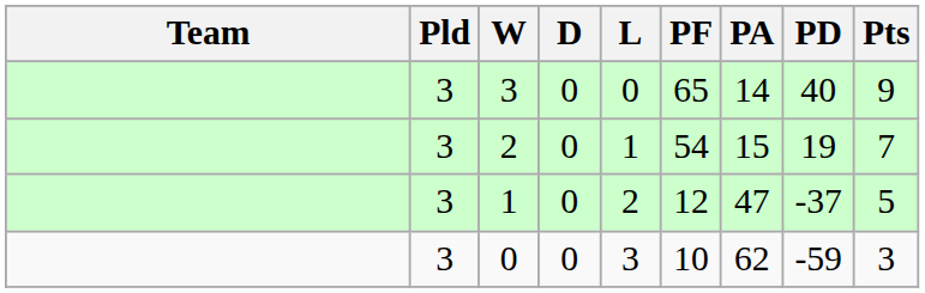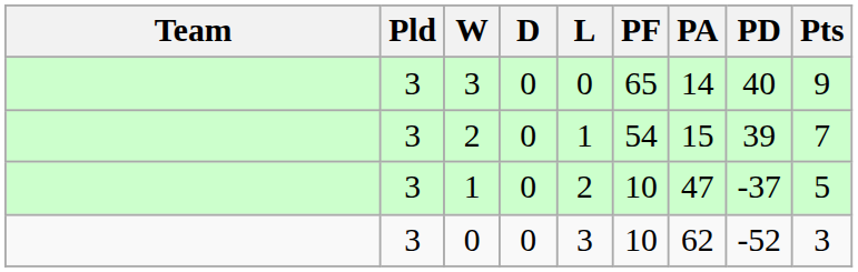 <table class="wikitable" style="text-align:center;">
 <tr>
 <th width=175>Team</th>
 <th width=20 abbr="Played">Pld</th>
 <th width=20 abbr="Won">W</th>
 <th width=20 abbr="Drawn">D</th>
 <th width=20 abbr="Lost">L</th>
 <th width=20 abbr="Points for">PF</th>
 <th width=20 abbr="Points against">PA</th>
 <th width=25 abbr="Points difference">PD</th>
 <th width=20 abbr="Points">Pts</th>
 </tr>
 <tr bgcolor=ccffcc>
 <td style="text-align:left;"></td>
 <td>3</td>
 <td>3</td>
 <td>0</td>
 <td>0</td>
 <td>65</td>
 <td>14</td>
 <td>40</td>
 <td>9</td>
 </tr>
 <tr bgcolor=ccffcc>
 <td style="text-align:left;"></td>
 <td>3</td>
 <td>2</td>
 <td>0</td>
 <td>1</td>
 <td>54</td>
 <td>15</td>
-<td>19</td>
+<td>39</td>
 <td>7</td>
 </tr>
 <tr bgcolor=ccffcc>
 <td style="text-align:left;"></td>
 <td>3</td>
 <td>1</td>
 <td>0</td>
 <td>2</td>
-<td>12</td>
+<td>10</td>
 <td>47</td>
 <td>-37</td>
 <td>5</td>
 </tr>
 <tr>
 <td style="text-align:left;"></td>
 <td>3</td>
 <td>0</td>
 <td>0</td>
 <td>3</td>
 <td>10</td>
 <td>62</td>
-<td>-59</td>
+<td>-52</td>
 <td>3</td>
 </tr>
 </table>
